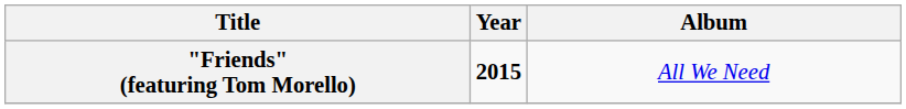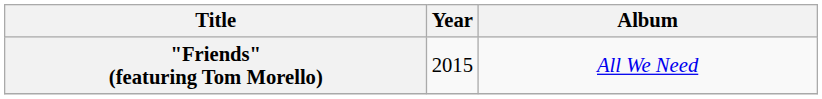 <table class="wikitable plainrowheaders" style="text-align:center;">
 <tr>
 <th scope="col" rowspan="1" style="width:20em;">Title</th>
 <th scope="col" rowspan="1" style="width:1em;">Year</th>
 <th scope="col" rowspan="1" style="width:16em;">Album</th>
 </tr>
 <tr>
 <th scope="row">"Friends" <br><span>(featuring Tom Morello)</span></th>
-<td><strong>2015</strong></td>
+<td>2015</td>
 <td><em><a href='#'>All We Need</a></em></td>
 </tr>
 <tr>
 </tr>
 </table>
